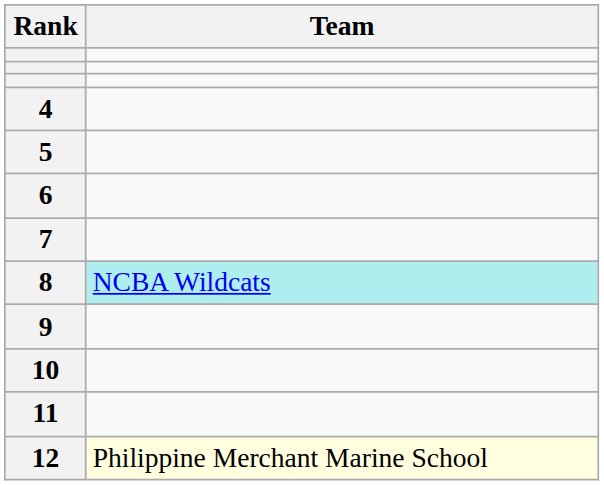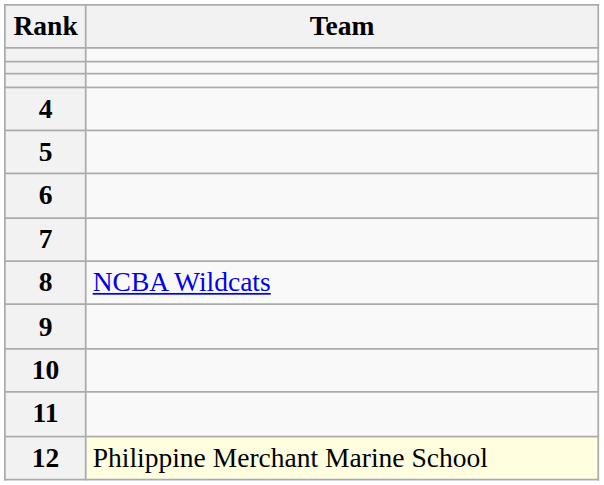 <table class="wikitable" style="text-align: center;">
 <tr>
 <th width=40>Rank</th>
 <th width=290>Team</th>
 </tr>
 <tr>
 <th></th>
 <td style="text-align:left;"></td>
 </tr>
 <tr>
 <th></th>
 <td style="text-align:left;"></td>
 </tr>
 <tr>
 <th></th>
 <td style="text-align:left;"></td>
 </tr>
 <tr>
 <th>4</th>
 <td style="text-align:left;"></td>
 </tr>
 <tr>
 <th>5</th>
 <td style="text-align:left;"></td>
 </tr>
 <tr>
 <th>6</th>
 <td style="text-align:left;"></td>
 </tr>
 <tr>
 <th>7</th>
 <td style="text-align:left;"></td>
 </tr>
 <tr>
 <th>8</th>
-<td style="background: paleturquoise; text-align:left;"> <a href='#'>NCBA Wildcats</a></td>
+<td style="text-align:left;"> <a href='#'>NCBA Wildcats</a></td>
 </tr>
 <tr>
 <th>9</th>
 <td style="text-align:left;"></td>
 </tr>
 <tr>
 <th>10</th>
 <td style="text-align:left;"></td>
 </tr>
 <tr>
 <th>11</th>
 <td style="text-align:left;"></td>
 </tr>
 <tr>
 <th>12</th>
 <td style="background: lightyellow; text-align:left;">Philippine Merchant Marine School</td>
 </tr>
 </table>
